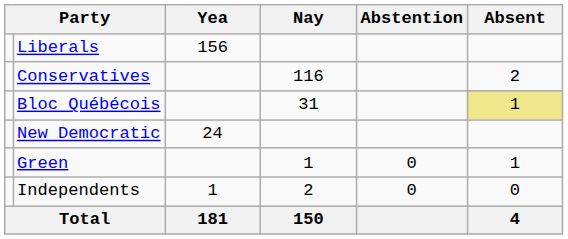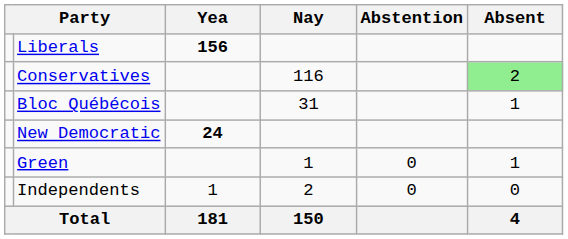 <table class="wikitable" align="center" style="text-align:center; font-size:90%">
 <tr>
 <th colspan="2">Party</th>
 <th width=60px>Yea</th>
 <th width=60px>Nay</th>
 <th width=60px>Abstention</th>
 <th width=60px>Absent</th>
 </tr>
 <tr>
 <td style="background:"></td>
 <td align="left"><a href='#'>Liberals</a></td>
-<td>156</td>
+<td><strong>156</strong></td>
 <td></td>
 <td></td>
 <td></td>
 </tr>
 <tr>
 <td style="background:"></td>
 <td align="left"><a href='#'>Conservatives</a></td>
 <td></td>
 <td>116</td>
 <td></td>
-<td>2</td>
+<td style="background: lightgreen;">2</td>
 </tr>
 <tr>
 <td style="background:"></td>
 <td align="left"><a href='#'>Bloc Québécois</a></td>
 <td></td>
 <td>31</td>
 <td></td>
-<td style="background: khaki;">1</td>
+<td>1</td>
 </tr>
 <tr>
 <td style="background:"></td>
 <td align="left"><a href='#'>New Democratic</a></td>
-<td>24</td>
+<td><strong>24</strong></td>
 <td></td>
 <td></td>
 <td></td>
 </tr>
 <tr>
 <td style="background:"></td>
 <td align="left"><a href='#'>Green</a></td>
 <td></td>
 <td>1</td>
 <td>0</td>
 <td>1</td>
 </tr>
 <tr>
 <td style="background:"></td>
 <td align="left">Independents</td>
 <td>1</td>
 <td>2</td>
 <td>0</td>
 <td>0</td>
 </tr>
 <tr>
 <th colspan=2>Total</th>
 <th>181</th>
 <th>150</th>
 <th></th>
 <th>4</th>
 </tr>
 </table>
